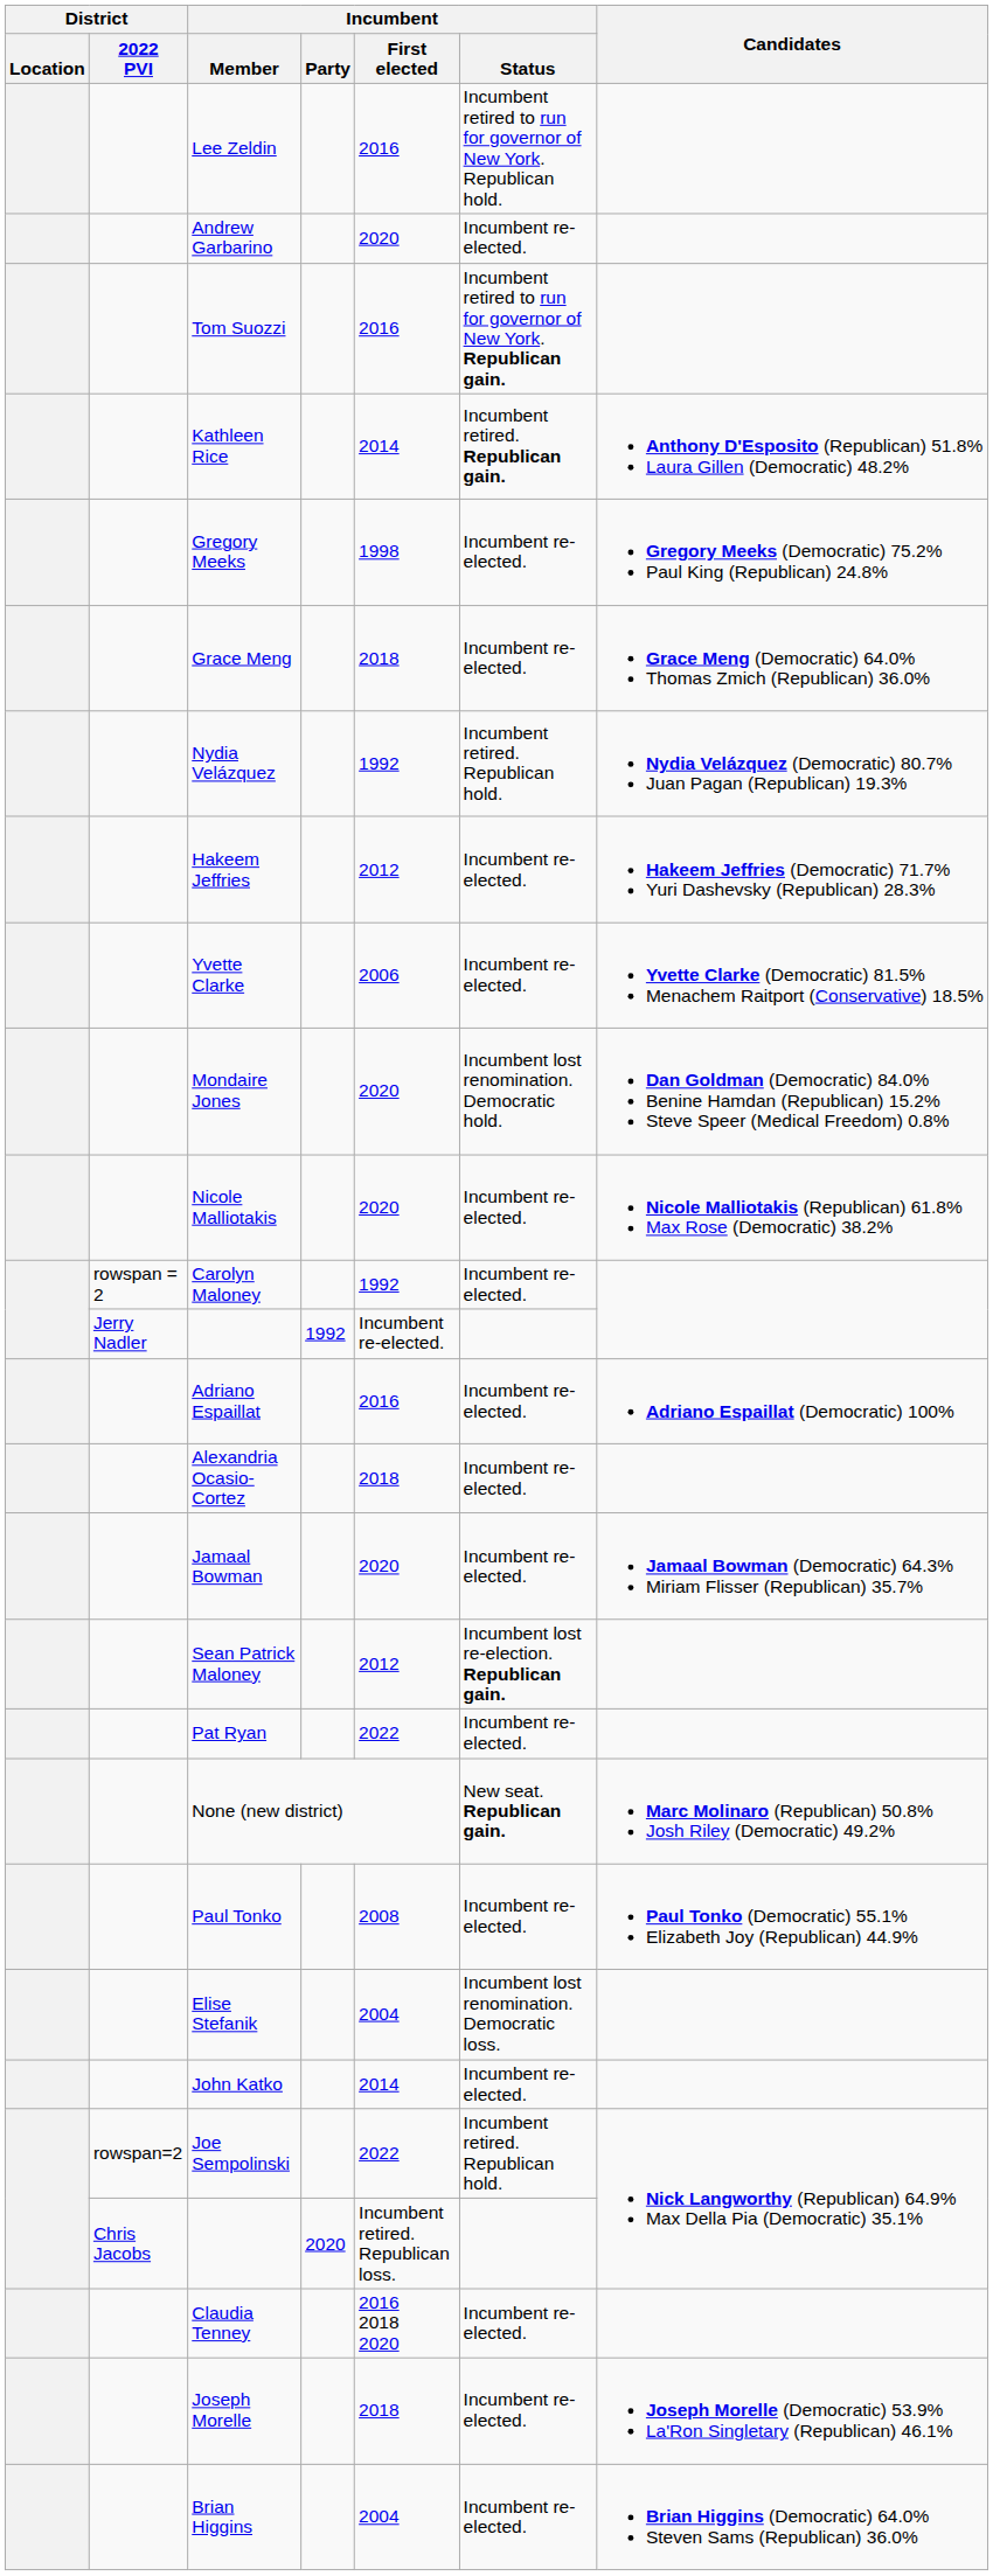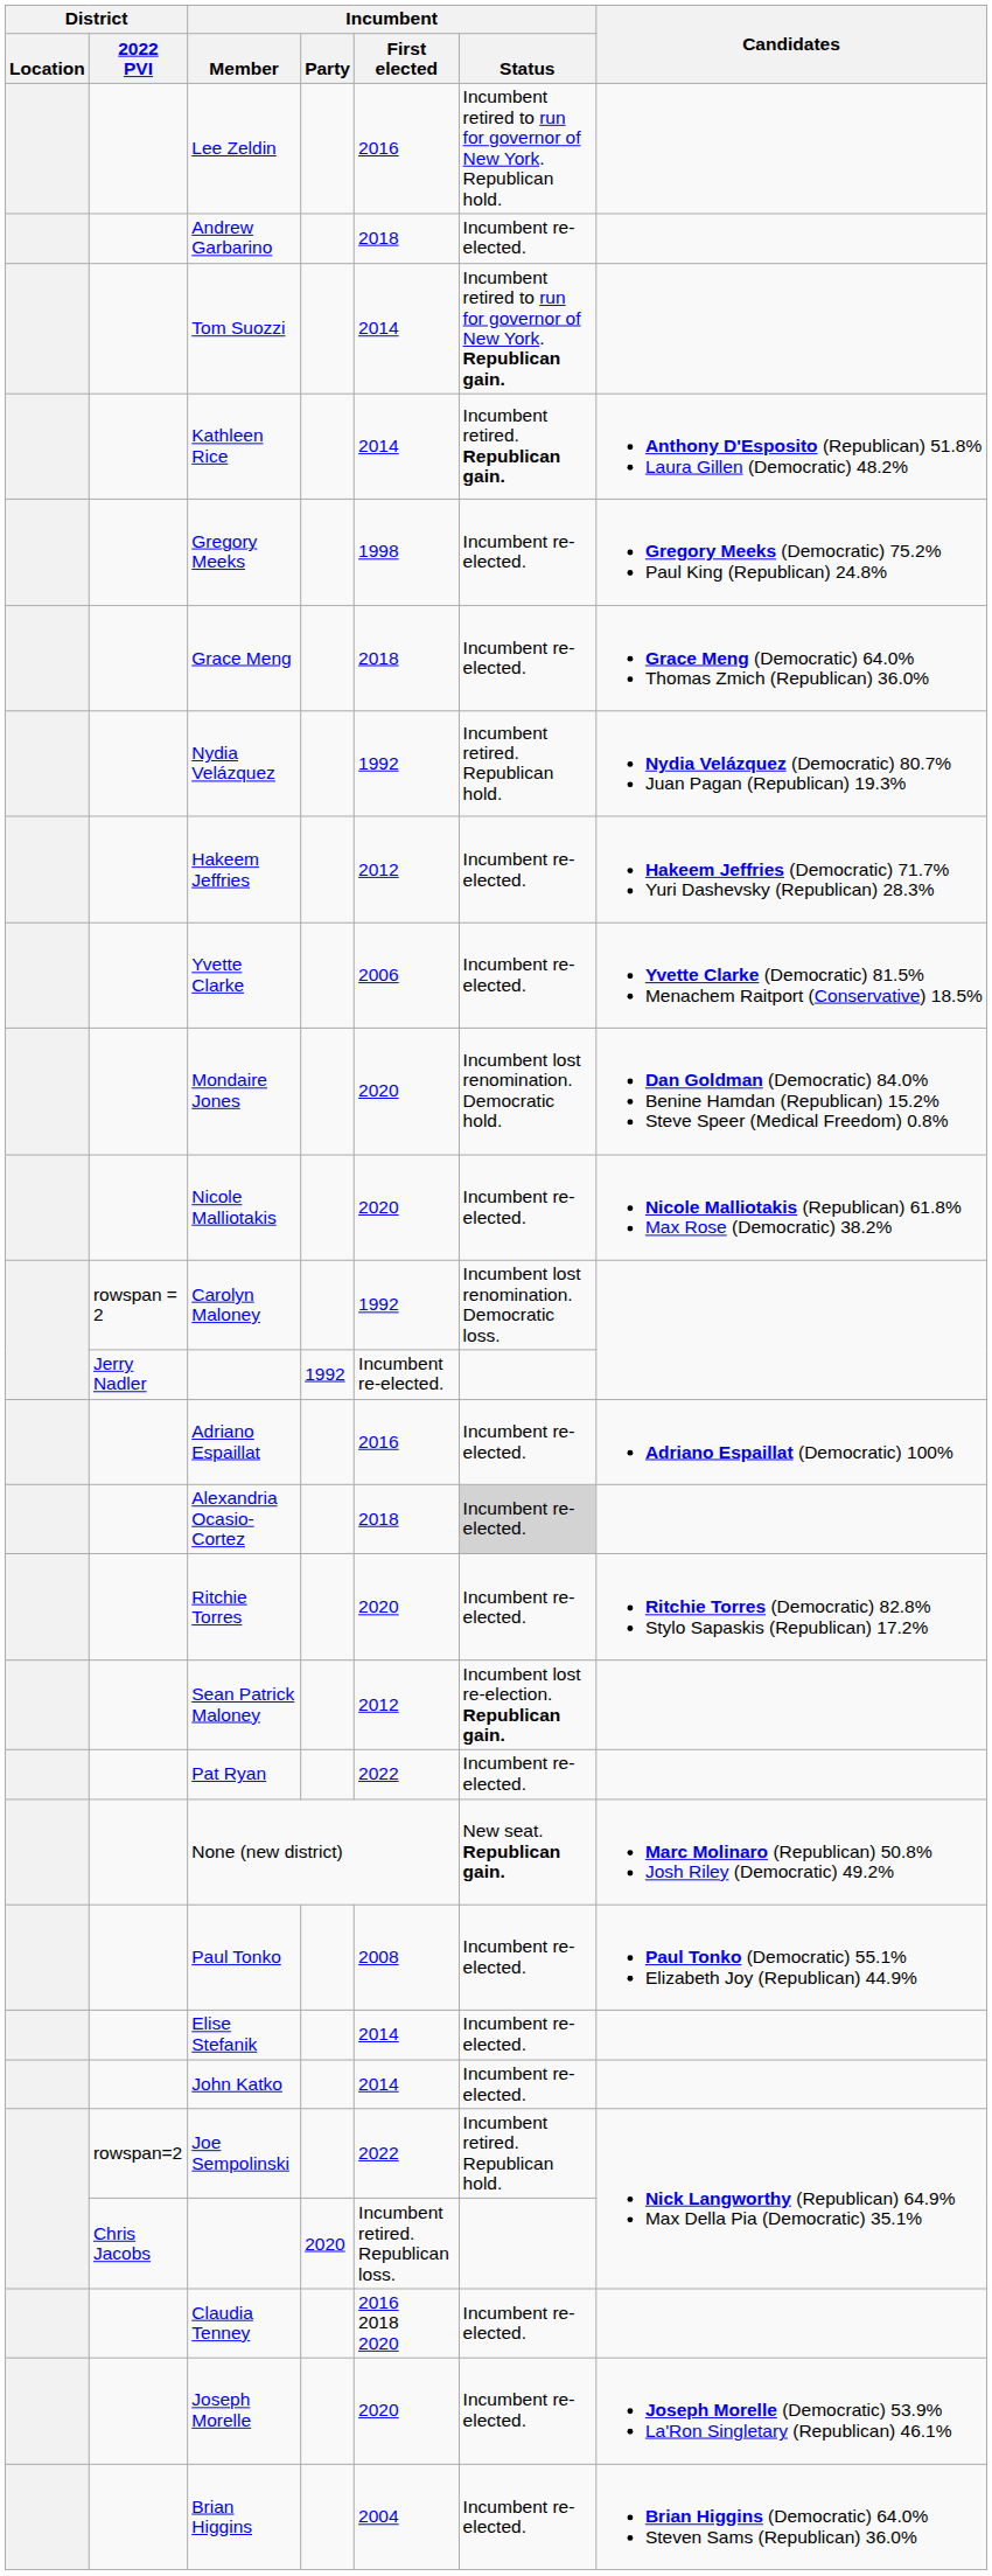 <table class="wikitable sortable">
 <tr>
 <th colspan=2>District</th>
 <th colspan=4>Incumbent</th>
 <th rowspan=2 class="unsortable">Candidates</th>
 </tr>
 <tr valign=bottom>
 <th>Location</th>
 <th><a href='#'>2022<br>PVI</a></th>
 <th>Member</th>
 <th>Party</th>
 <th>First<br>elected</th>
 <th>Status</th>
 </tr>
 <tr>
 <th></th>
 <td></td>
 <td><a href='#'>Lee Zeldin</a></td>
 <td></td>
 <td><a href='#'>2016</a></td>
 <td>Incumbent retired to <a href='#'>run for governor of New York</a>.<br>Republican hold.</td>
 <td nowrap></td>
 </tr>
 <tr>
 <th></th>
 <td></td>
 <td><a href='#'>Andrew Garbarino</a></td>
 <td></td>
-<td><a href='#'>2020</a></td>
+<td><a href='#'>2018</a></td>
 <td>Incumbent re-elected.</td>
 <td nowrap></td>
 </tr>
 <tr>
 <th></th>
 <td></td>
 <td><a href='#'>Tom Suozzi</a></td>
 <td></td>
-<td><a href='#'>2016</a></td>
+<td><a href='#'>2014</a></td>
 <td>Incumbent retired to <a href='#'>run for governor of New York</a>.<br><strong>Republican gain.</strong></td>
 <td nowrap></td>
 </tr>
 <tr>
 <th></th>
 <td></td>
 <td><a href='#'>Kathleen Rice</a></td>
 <td></td>
 <td><a href='#'>2014</a></td>
 <td>Incumbent retired.<br><strong>Republican gain.</strong></td>
 <td nowrap><br><ul><li> <strong><a href='#'>Anthony D'Esposito</a></strong> (Republican) 51.8%</li><li><a href='#'>Laura Gillen</a> (Democratic) 48.2%</li></ul></td>
 </tr>
 <tr>
 <th></th>
 <td></td>
 <td><a href='#'>Gregory Meeks</a></td>
 <td></td>
 <td><a href='#'>1998 </a></td>
 <td>Incumbent re-elected.</td>
 <td nowrap><br><ul><li> <strong><a href='#'>Gregory Meeks</a></strong> (Democratic) 75.2%</li><li>Paul King (Republican) 24.8%</li></ul></td>
 </tr>
 <tr>
 <th></th>
 <td></td>
 <td><a href='#'>Grace Meng</a></td>
 <td></td>
 <td><a href='#'>2018</a></td>
 <td>Incumbent re-elected.</td>
 <td nowrap><br><ul><li> <strong><a href='#'>Grace Meng</a></strong> (Democratic) 64.0%</li><li>Thomas Zmich (Republican) 36.0%</li></ul></td>
 </tr>
 <tr>
 <th></th>
 <td></td>
 <td><a href='#'>Nydia Velázquez</a></td>
 <td></td>
 <td><a href='#'>1992</a></td>
 <td>Incumbent retired.<br>Republican hold.</td>
 <td nowrap><br><ul><li> <strong><a href='#'>Nydia Velázquez</a></strong> (Democratic) 80.7%</li><li>Juan Pagan (Republican) 19.3%</li></ul></td>
 </tr>
 <tr>
 <th></th>
 <td></td>
 <td><a href='#'>Hakeem Jeffries</a></td>
 <td></td>
 <td><a href='#'>2012</a></td>
 <td>Incumbent re-elected.</td>
 <td nowrap><br><ul><li> <strong><a href='#'>Hakeem Jeffries</a></strong> (Democratic) 71.7%</li><li>Yuri Dashevsky (Republican) 28.3%</li></ul></td>
 </tr>
 <tr>
 <th></th>
 <td></td>
 <td><a href='#'>Yvette Clarke</a></td>
 <td></td>
 <td><a href='#'>2006</a></td>
 <td>Incumbent re-elected.</td>
 <td nowrap><br><ul><li> <strong><a href='#'>Yvette Clarke</a></strong> (Democratic) 81.5%</li><li>Menachem Raitport (<a href='#'>Conservative</a>) 18.5%</li></ul></td>
 </tr>
 <tr>
 <th></th>
 <td></td>
 <td><a href='#'>Mondaire Jones</a><br></td>
 <td></td>
 <td><a href='#'>2020</a></td>
 <td>Incumbent lost renomination.<br>Democratic hold.</td>
 <td nowrap><br><ul><li> <strong><a href='#'>Dan Goldman</a></strong> (Democratic) 84.0%</li><li>Benine Hamdan (Republican) 15.2%</li><li>Steve Speer (Medical Freedom) 0.8%</li></ul></td>
 </tr>
 <tr>
 <th></th>
 <td></td>
 <td><a href='#'>Nicole Malliotakis</a></td>
 <td></td>
 <td><a href='#'>2020</a></td>
 <td>Incumbent re-elected.</td>
 <td nowrap><br><ul><li> <strong><a href='#'>Nicole Malliotakis</a></strong> (Republican) 61.8%</li><li><a href='#'>Max Rose</a> (Democratic) 38.2%</li></ul></td>
 </tr>
 <tr>
 <th rowspan = 2></th>
 <td>rowspan = 2 </td>
 <td><a href='#'>Carolyn Maloney</a></td>
 <td></td>
 <td><a href='#'>1992</a></td>
-<td>Incumbent re-elected.</td>
+<td>Incumbent lost renomination.<br>Democratic loss.</td>
 <td rowspan = 2 nowrap></td>
 </tr>
 <tr>
 <td><a href='#'>Jerry Nadler</a><br></td>
 <td></td>
 <td><a href='#'>1992</a></td>
 <td>Incumbent re-elected.</td>
 </tr>
 <tr>
 <th></th>
 <td></td>
 <td><a href='#'>Adriano Espaillat</a></td>
 <td></td>
 <td><a href='#'>2016</a></td>
 <td>Incumbent re-elected.</td>
 <td nowrap><br><ul><li> <strong><a href='#'>Adriano Espaillat</a></strong> (Democratic) 100%</li></ul></td>
 </tr>
 <tr>
 <th></th>
 <td></td>
 <td><a href='#'>Alexandria Ocasio-Cortez</a></td>
 <td></td>
 <td><a href='#'>2018</a></td>
-<td>Incumbent re-elected.</td>
+<td style="background: lightgrey;">Incumbent re-elected.</td>
 <td nowrap></td>
 </tr>
 <tr>
 <th></th>
 <td></td>
-<td><a href='#'>Jamaal Bowman</a></td>
+<td><a href='#'>Ritchie Torres</a></td>
 <td></td>
 <td><a href='#'>2020</a></td>
 <td>Incumbent re-elected.</td>
-<td nowrap><br><ul><li> <strong><a href='#'>Jamaal Bowman</a></strong> (Democratic) 64.3%</li><li>Miriam Flisser (Republican) 35.7%</li></ul></td>
+<td nowrap><br><ul><li> <strong><a href='#'>Ritchie Torres</a></strong> (Democratic) 82.8%</li><li>Stylo Sapaskis (Republican) 17.2%</li></ul></td>
 </tr>
 <tr>
 <th></th>
 <td></td>
 <td><a href='#'>Sean Patrick Maloney</a><br></td>
 <td></td>
 <td><a href='#'>2012</a></td>
 <td>Incumbent lost re-election.<br><strong>Republican gain.</strong></td>
 <td nowrap></td>
 </tr>
 <tr>
 <th></th>
 <td></td>
 <td><a href='#'>Pat Ryan</a> <br></td>
 <td></td>
 <td><a href='#'>2022 </a></td>
 <td>Incumbent re-elected.</td>
 <td nowrap></td>
 </tr>
 <tr>
 <th></th>
 <td></td>
 <td colspan=3>None (new district)</td>
 <td>New seat.<br><strong>Republican gain.</strong></td>
 <td nowrap><br><ul><li> <strong><a href='#'>Marc Molinaro</a></strong> (Republican) 50.8%</li><li><a href='#'>Josh Riley</a> (Democratic) 49.2%</li></ul></td>
 </tr>
 <tr>
 <th></th>
 <td></td>
 <td><a href='#'>Paul Tonko</a></td>
 <td></td>
 <td><a href='#'>2008</a></td>
 <td>Incumbent re-elected.</td>
 <td nowrap><br><ul><li> <strong><a href='#'>Paul Tonko</a></strong> (Democratic) 55.1%</li><li>Elizabeth Joy (Republican) 44.9%</li></ul></td>
 </tr>
 <tr>
 <th></th>
 <td></td>
 <td><a href='#'>Elise Stefanik</a></td>
 <td></td>
-<td><a href='#'>2004</a></td>
-<td>Incumbent lost renomination.<br>Democratic loss.</td>
+<td><a href='#'>2014</a></td>
+<td>Incumbent re-elected.</td>
 <td nowrap></td>
 </tr>
 <tr>
 <th></th>
 <td></td>
 <td><a href='#'>John Katko</a><br></td>
 <td></td>
 <td><a href='#'>2014</a></td>
 <td>Incumbent re-elected.</td>
 <td nowrap></td>
 </tr>
 <tr>
 <th rowspan=2></th>
 <td>rowspan=2 </td>
 <td><a href='#'>Joe Sempolinski</a></td>
 <td></td>
 <td><a href='#'>2022 </a></td>
 <td>Incumbent retired.<br>Republican hold.</td>
 <td rowspan=2 nowrap><br><ul><li> <strong><a href='#'>Nick Langworthy</a></strong> (Republican) 64.9%</li><li>Max Della Pia (Democratic) 35.1%</li></ul></td>
 </tr>
 <tr>
 <td><a href='#'>Chris Jacobs</a><br></td>
 <td></td>
 <td><a href='#'>2020 </a></td>
 <td>Incumbent retired.<br>Republican loss.</td>
 </tr>
 <tr>
 <th></th>
 <td></td>
 <td><a href='#'>Claudia Tenney</a><br></td>
 <td></td>
 <td><a href='#'>2016</a><br>2018 <br><a href='#'>2020</a></td>
 <td>Incumbent re-elected.</td>
 <td nowrap></td>
 </tr>
 <tr>
 <th></th>
 <td></td>
 <td><a href='#'>Joseph Morelle</a></td>
 <td></td>
-<td><a href='#'>2018 </a></td>
+<td><a href='#'>2020 </a></td>
 <td>Incumbent re-elected.</td>
 <td nowrap><br><ul><li> <strong><a href='#'>Joseph Morelle</a></strong> (Democratic) 53.9%</li><li><a href='#'>La'Ron Singletary</a> (Republican) 46.1%</li></ul></td>
 </tr>
 <tr>
 <th></th>
 <td></td>
 <td><a href='#'>Brian Higgins</a></td>
 <td></td>
 <td><a href='#'>2004</a></td>
 <td>Incumbent re-elected.</td>
 <td nowrap><br><ul><li> <strong><a href='#'>Brian Higgins</a></strong> (Democratic) 64.0%</li><li>Steven Sams (Republican) 36.0%</li></ul></td>
 </tr>
 </table>
